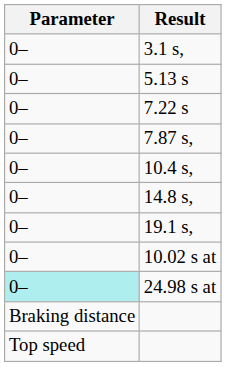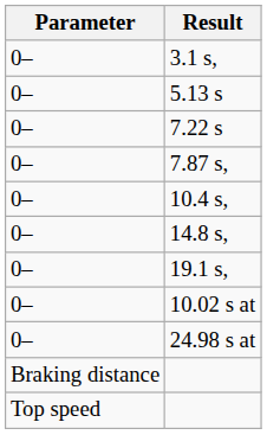 <table class="wikitable">
 <tr>
 <th>Parameter</th>
 <th>Result</th>
 </tr>
 <tr>
 <td>0–</td>
 <td>3.1 s, </td>
 </tr>
 <tr>
 <td>0–</td>
 <td>5.13 s</td>
 </tr>
 <tr>
 <td>0–</td>
 <td>7.22 s</td>
 </tr>
 <tr>
 <td>0–</td>
 <td>7.87 s, </td>
 </tr>
 <tr>
 <td>0–</td>
 <td>10.4 s, </td>
 </tr>
 <tr>
 <td>0–</td>
 <td>14.8 s, </td>
 </tr>
 <tr>
 <td>0–</td>
 <td>19.1 s, </td>
 </tr>
 <tr>
 <td>0–</td>
 <td>10.02 s at </td>
 </tr>
 <tr>
-<td style="background: paleturquoise;">0–</td>
+<td>0–</td>
 <td>24.98 s at </td>
 </tr>
 <tr>
 <td>Braking distance </td>
 <td></td>
 </tr>
 <tr>
 <td>Top speed</td>
 <td></td>
 </tr>
 </table>
